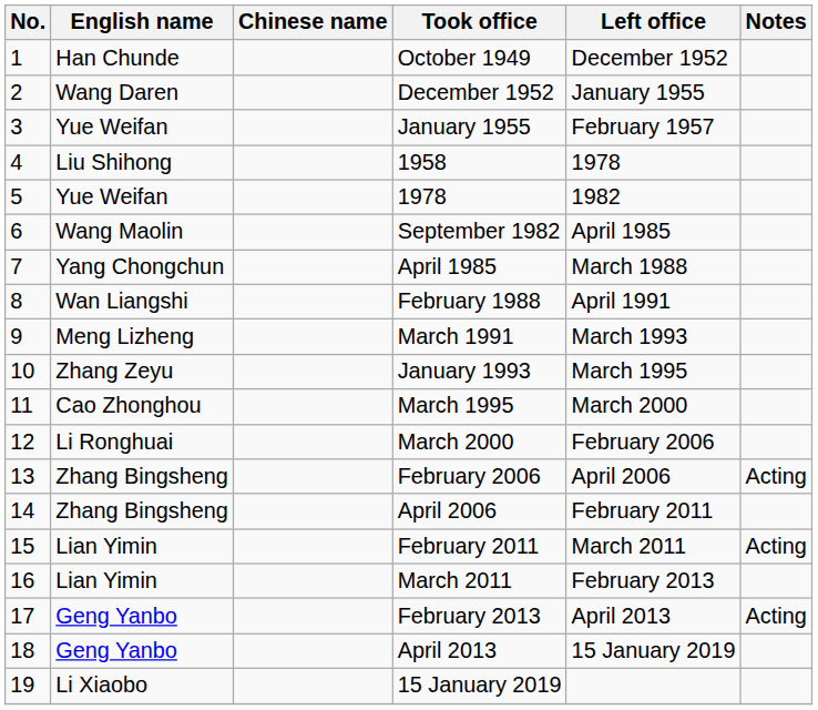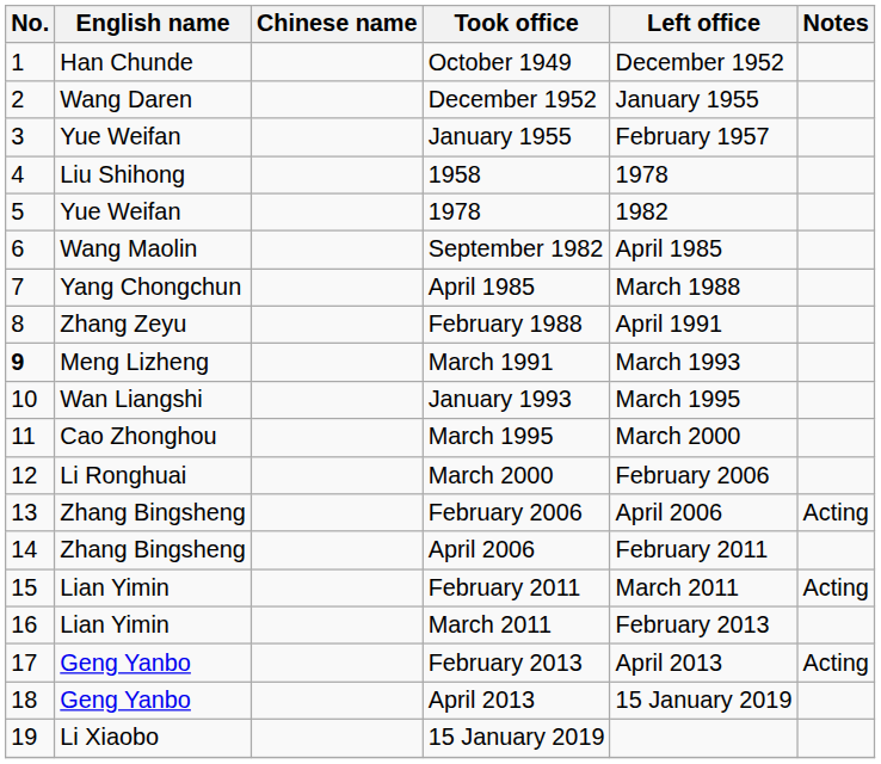 <table class="wikitable">
 <tr>
 <th>No.</th>
 <th>English name</th>
 <th>Chinese name</th>
 <th>Took office</th>
 <th>Left office</th>
 <th>Notes</th>
 </tr>
 <tr>
 <td>1</td>
 <td>Han Chunde</td>
 <td></td>
 <td>October 1949</td>
 <td>December 1952</td>
 <td></td>
 </tr>
 <tr>
 <td>2</td>
 <td>Wang Daren</td>
 <td></td>
 <td>December 1952</td>
 <td>January 1955</td>
 <td></td>
 </tr>
 <tr>
 <td>3</td>
 <td>Yue Weifan</td>
 <td></td>
 <td>January 1955</td>
 <td>February 1957</td>
 <td></td>
 </tr>
 <tr>
 <td>4</td>
 <td>Liu Shihong</td>
 <td></td>
 <td>1958</td>
 <td>1978</td>
 <td></td>
 </tr>
 <tr>
 <td>5</td>
 <td>Yue Weifan</td>
 <td></td>
 <td>1978</td>
 <td>1982</td>
 <td></td>
 </tr>
 <tr>
 <td>6</td>
 <td>Wang Maolin</td>
 <td></td>
 <td>September 1982</td>
 <td>April 1985</td>
 <td></td>
 </tr>
 <tr>
 <td>7</td>
 <td>Yang Chongchun</td>
 <td></td>
 <td>April 1985</td>
 <td>March 1988</td>
 <td></td>
 </tr>
 <tr>
 <td>8</td>
-<td>Wan Liangshi</td>
+<td>Zhang Zeyu</td>
 <td></td>
 <td>February 1988</td>
 <td>April 1991</td>
 <td></td>
 </tr>
 <tr>
-<td>9</td>
+<td><strong>9</strong></td>
 <td>Meng Lizheng</td>
 <td></td>
 <td>March 1991</td>
 <td>March 1993</td>
 <td></td>
 </tr>
 <tr>
 <td>10</td>
-<td>Zhang Zeyu</td>
+<td>Wan Liangshi</td>
 <td></td>
 <td>January 1993</td>
 <td>March 1995</td>
 <td></td>
 </tr>
 <tr>
 <td>11</td>
 <td>Cao Zhonghou</td>
 <td></td>
 <td>March 1995</td>
 <td>March 2000</td>
 <td></td>
 </tr>
 <tr>
 <td>12</td>
 <td>Li Ronghuai</td>
 <td></td>
 <td>March 2000</td>
 <td>February 2006</td>
 <td></td>
 </tr>
 <tr>
 <td>13</td>
 <td>Zhang Bingsheng</td>
 <td></td>
 <td>February 2006</td>
 <td>April 2006</td>
 <td>Acting</td>
 </tr>
 <tr>
 <td>14</td>
 <td>Zhang Bingsheng</td>
 <td></td>
 <td>April 2006</td>
 <td>February 2011</td>
 <td></td>
 </tr>
 <tr>
 <td>15</td>
 <td>Lian Yimin</td>
 <td></td>
 <td>February 2011</td>
 <td>March 2011</td>
 <td>Acting</td>
 </tr>
 <tr>
 <td>16</td>
 <td>Lian Yimin</td>
 <td></td>
 <td>March 2011</td>
 <td>February 2013</td>
 <td></td>
 </tr>
 <tr>
 <td>17</td>
 <td><a href='#'>Geng Yanbo</a></td>
 <td></td>
 <td>February 2013</td>
 <td>April 2013</td>
 <td>Acting</td>
 </tr>
 <tr>
 <td>18</td>
 <td><a href='#'>Geng Yanbo</a></td>
 <td></td>
 <td>April 2013</td>
 <td>15 January 2019</td>
 <td></td>
 </tr>
 <tr>
 <td>19</td>
 <td>Li Xiaobo</td>
 <td></td>
 <td>15 January 2019</td>
 <td></td>
 <td></td>
 </tr>
 <tr>
 </tr>
 </table>
